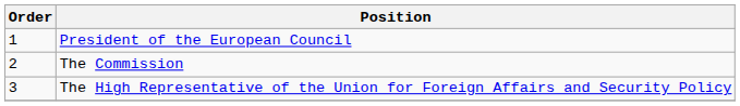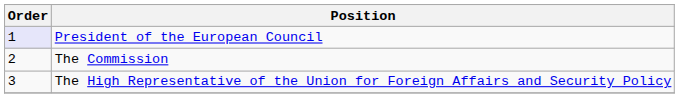 <table class="wikitable">
 <tr>
 <th>Order</th>
 <th>Position</th>
 </tr>
 <tr>
-<td>1</td>
+<td style="background: lavender;">1</td>
 <td><a href='#'>President of the European Council</a></td>
 </tr>
 <tr>
 <td>2</td>
 <td>The <a href='#'>Commission</a></td>
 </tr>
 <tr>
 <td>3</td>
 <td>The <a href='#'>High Representative of the Union for Foreign Affairs and Security Policy</a></td>
 </tr>
 <tr>
 </tr>
 </table>
